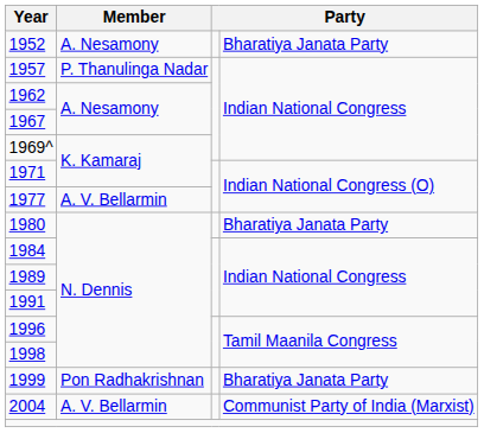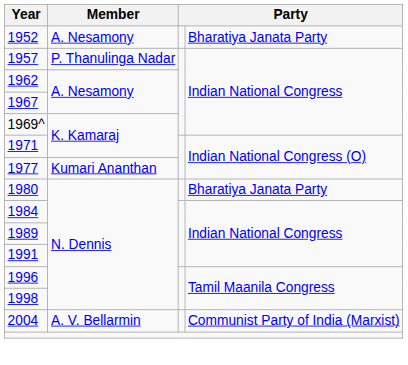 <table class="wikitable">
 <tr>
 <th>Year</th>
 <th>Member</th>
 <th colspan="2">Party</th>
 </tr>
 <tr>
 <td><a href='#'>1952</a></td>
 <td><a href='#'>A. Nesamony</a></td>
 <td style="background-color:"></td>
 <td><a href='#'>Bharatiya Janata Party</a></td>
 </tr>
 <tr>
 <td><a href='#'>1957</a></td>
 <td><a href='#'>P. Thanulinga Nadar</a></td>
 <td rowspan="4" style="background-color:"></td>
 <td rowspan="4"><a href='#'>Indian National Congress</a></td>
 </tr>
 <tr>
 <td><a href='#'>1962</a></td>
 <td rowspan="2"><a href='#'>A. Nesamony</a></td>
 </tr>
 <tr>
 <td><a href='#'>1967</a></td>
 </tr>
 <tr>
 <td>1969^</td>
 <td rowspan="2"><a href='#'>K. Kamaraj</a></td>
 </tr>
 <tr>
 <td><a href='#'>1971</a></td>
 <td rowspan="2" style="background-color:"></td>
 <td rowspan="2"><a href='#'>Indian National Congress (O)</a></td>
 </tr>
 <tr>
 <td><a href='#'>1977</a></td>
-<td><a href='#'>A. V. Bellarmin</a></td>
+<td><a href='#'>Kumari Ananthan</a></td>
 </tr>
 <tr>
 <td><a href='#'>1980</a></td>
 <td rowspan="6"><a href='#'>N. Dennis</a></td>
 <td style="background-color:"></td>
 <td><a href='#'>Bharatiya Janata Party</a></td>
 </tr>
 <tr>
 <td><a href='#'>1984</a></td>
 <td rowspan="3" style="background-color:"></td>
 <td rowspan="3"><a href='#'>Indian National Congress</a></td>
 </tr>
 <tr>
 <td><a href='#'>1989</a></td>
 </tr>
 <tr>
 <td><a href='#'>1991</a></td>
 </tr>
 <tr>
 <td><a href='#'>1996</a></td>
 <td rowspan="2" style="background-color:"></td>
 <td rowspan="2"><a href='#'>Tamil Maanila Congress</a></td>
 </tr>
 <tr>
 <td><a href='#'>1998</a></td>
 </tr>
 <tr>
-<td><a href='#'>1999</a></td>
-<td><a href='#'>Pon Radhakrishnan</a></td>
-<td style="background-color:"></td>
-<td><a href='#'>Bharatiya Janata Party</a></td>
-</tr>
-<tr>
 <td><a href='#'>2004</a></td>
 <td><a href='#'>A. V. Bellarmin</a></td>
 <td style="background-color:"></td>
 <td><a href='#'>Communist Party of India (Marxist)</a></td>
 </tr>
 <tr>
 <td colspan="4"></td>
 </tr>
 </table>
